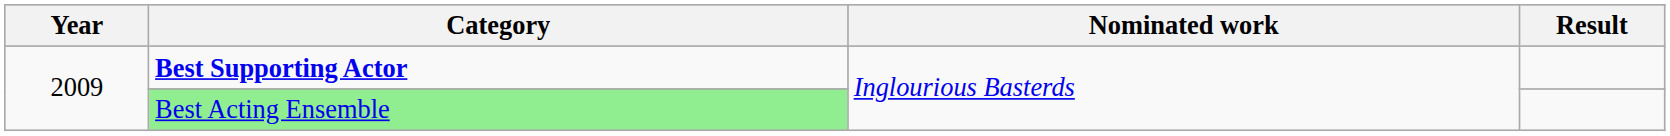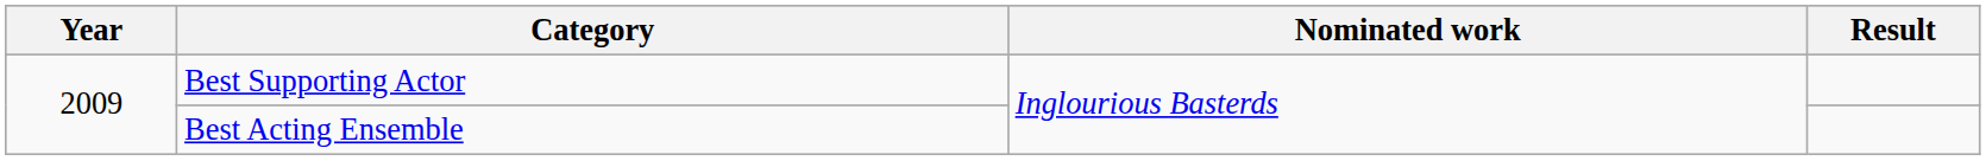 <table class=wikitable>
 <tr>
 <th scope="col" style="width:5em;">Year</th>
 <th scope="col" style="width:26em;">Category</th>
 <th scope="col" style="width:25em;">Nominated work</th>
 <th scope="col" style="width:5em;">Result</th>
 </tr>
 <tr>
 <td style="text-align:center;", rowspan =2>2009</td>
-<td><strong><a href='#'>Best Supporting Actor</a></strong></td>
+<td><a href='#'>Best Supporting Actor</a></td>
 <td rowspan=2><em><a href='#'>Inglourious Basterds</a></em></td>
 <td></td>
 </tr>
 <tr>
-<td style="background: lightgreen;"><a href='#'>Best Acting Ensemble</a></td>
+<td><a href='#'>Best Acting Ensemble</a></td>
 <td></td>
 </tr>
 </table>
